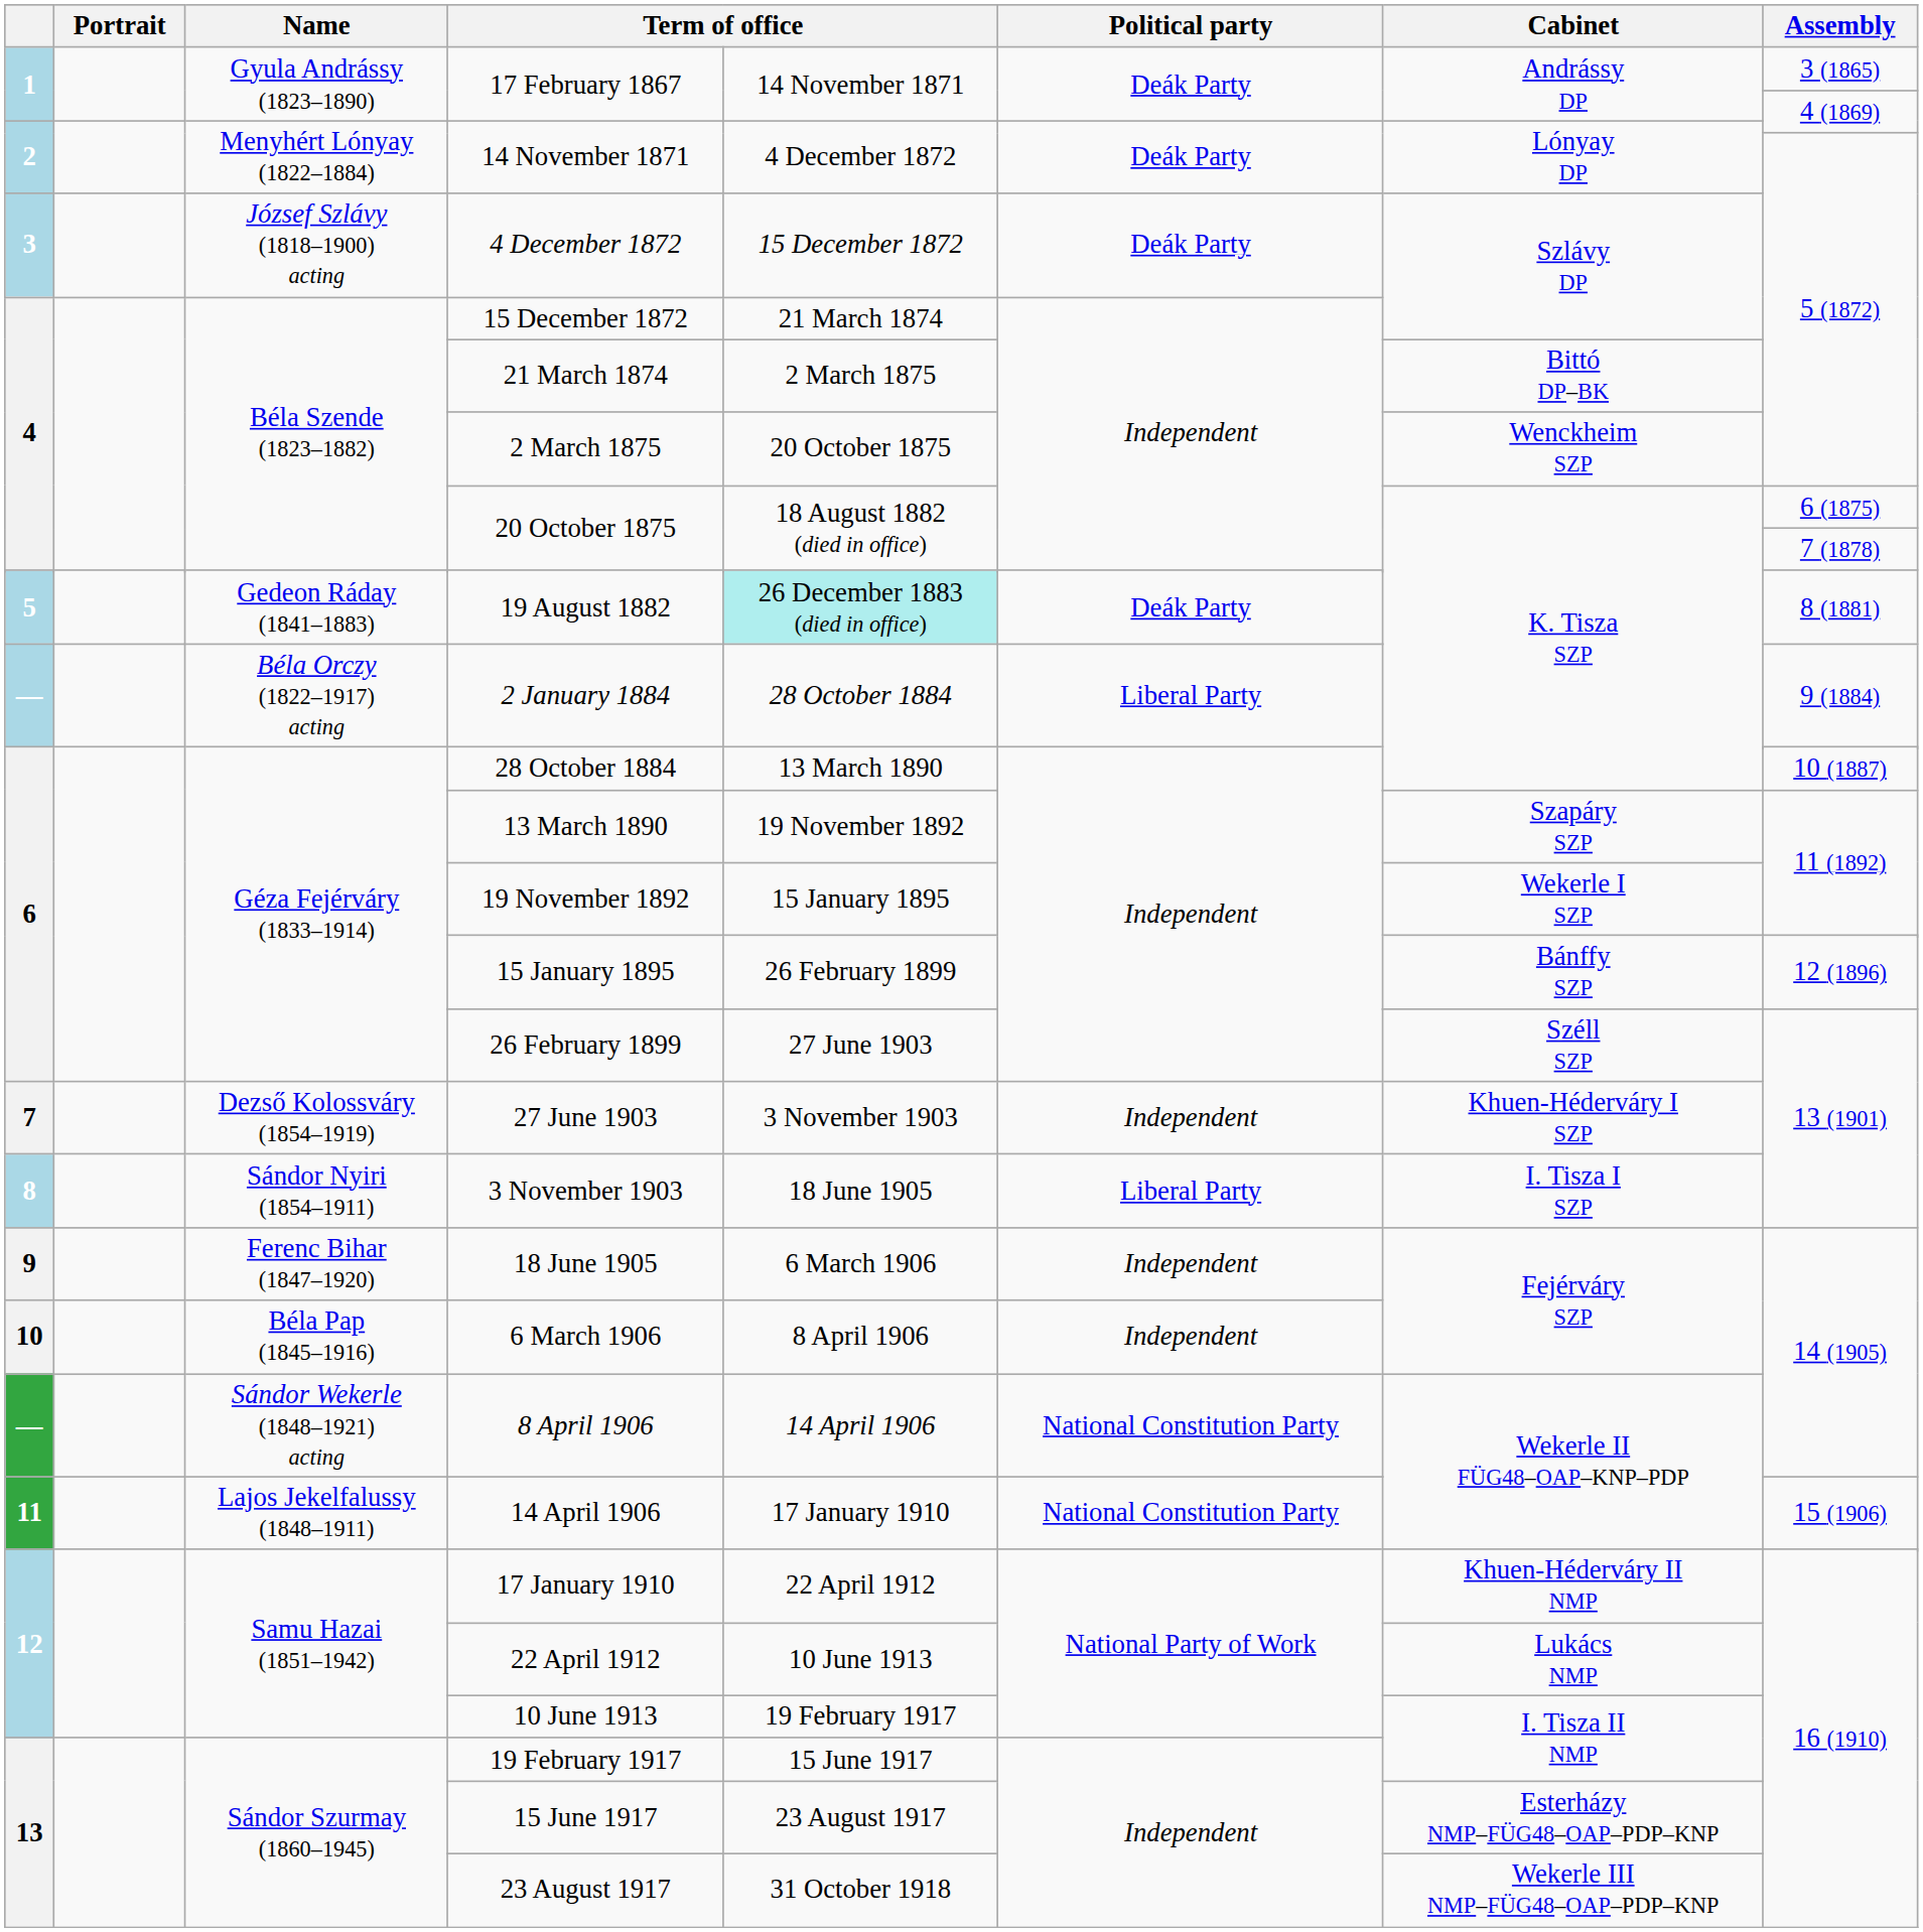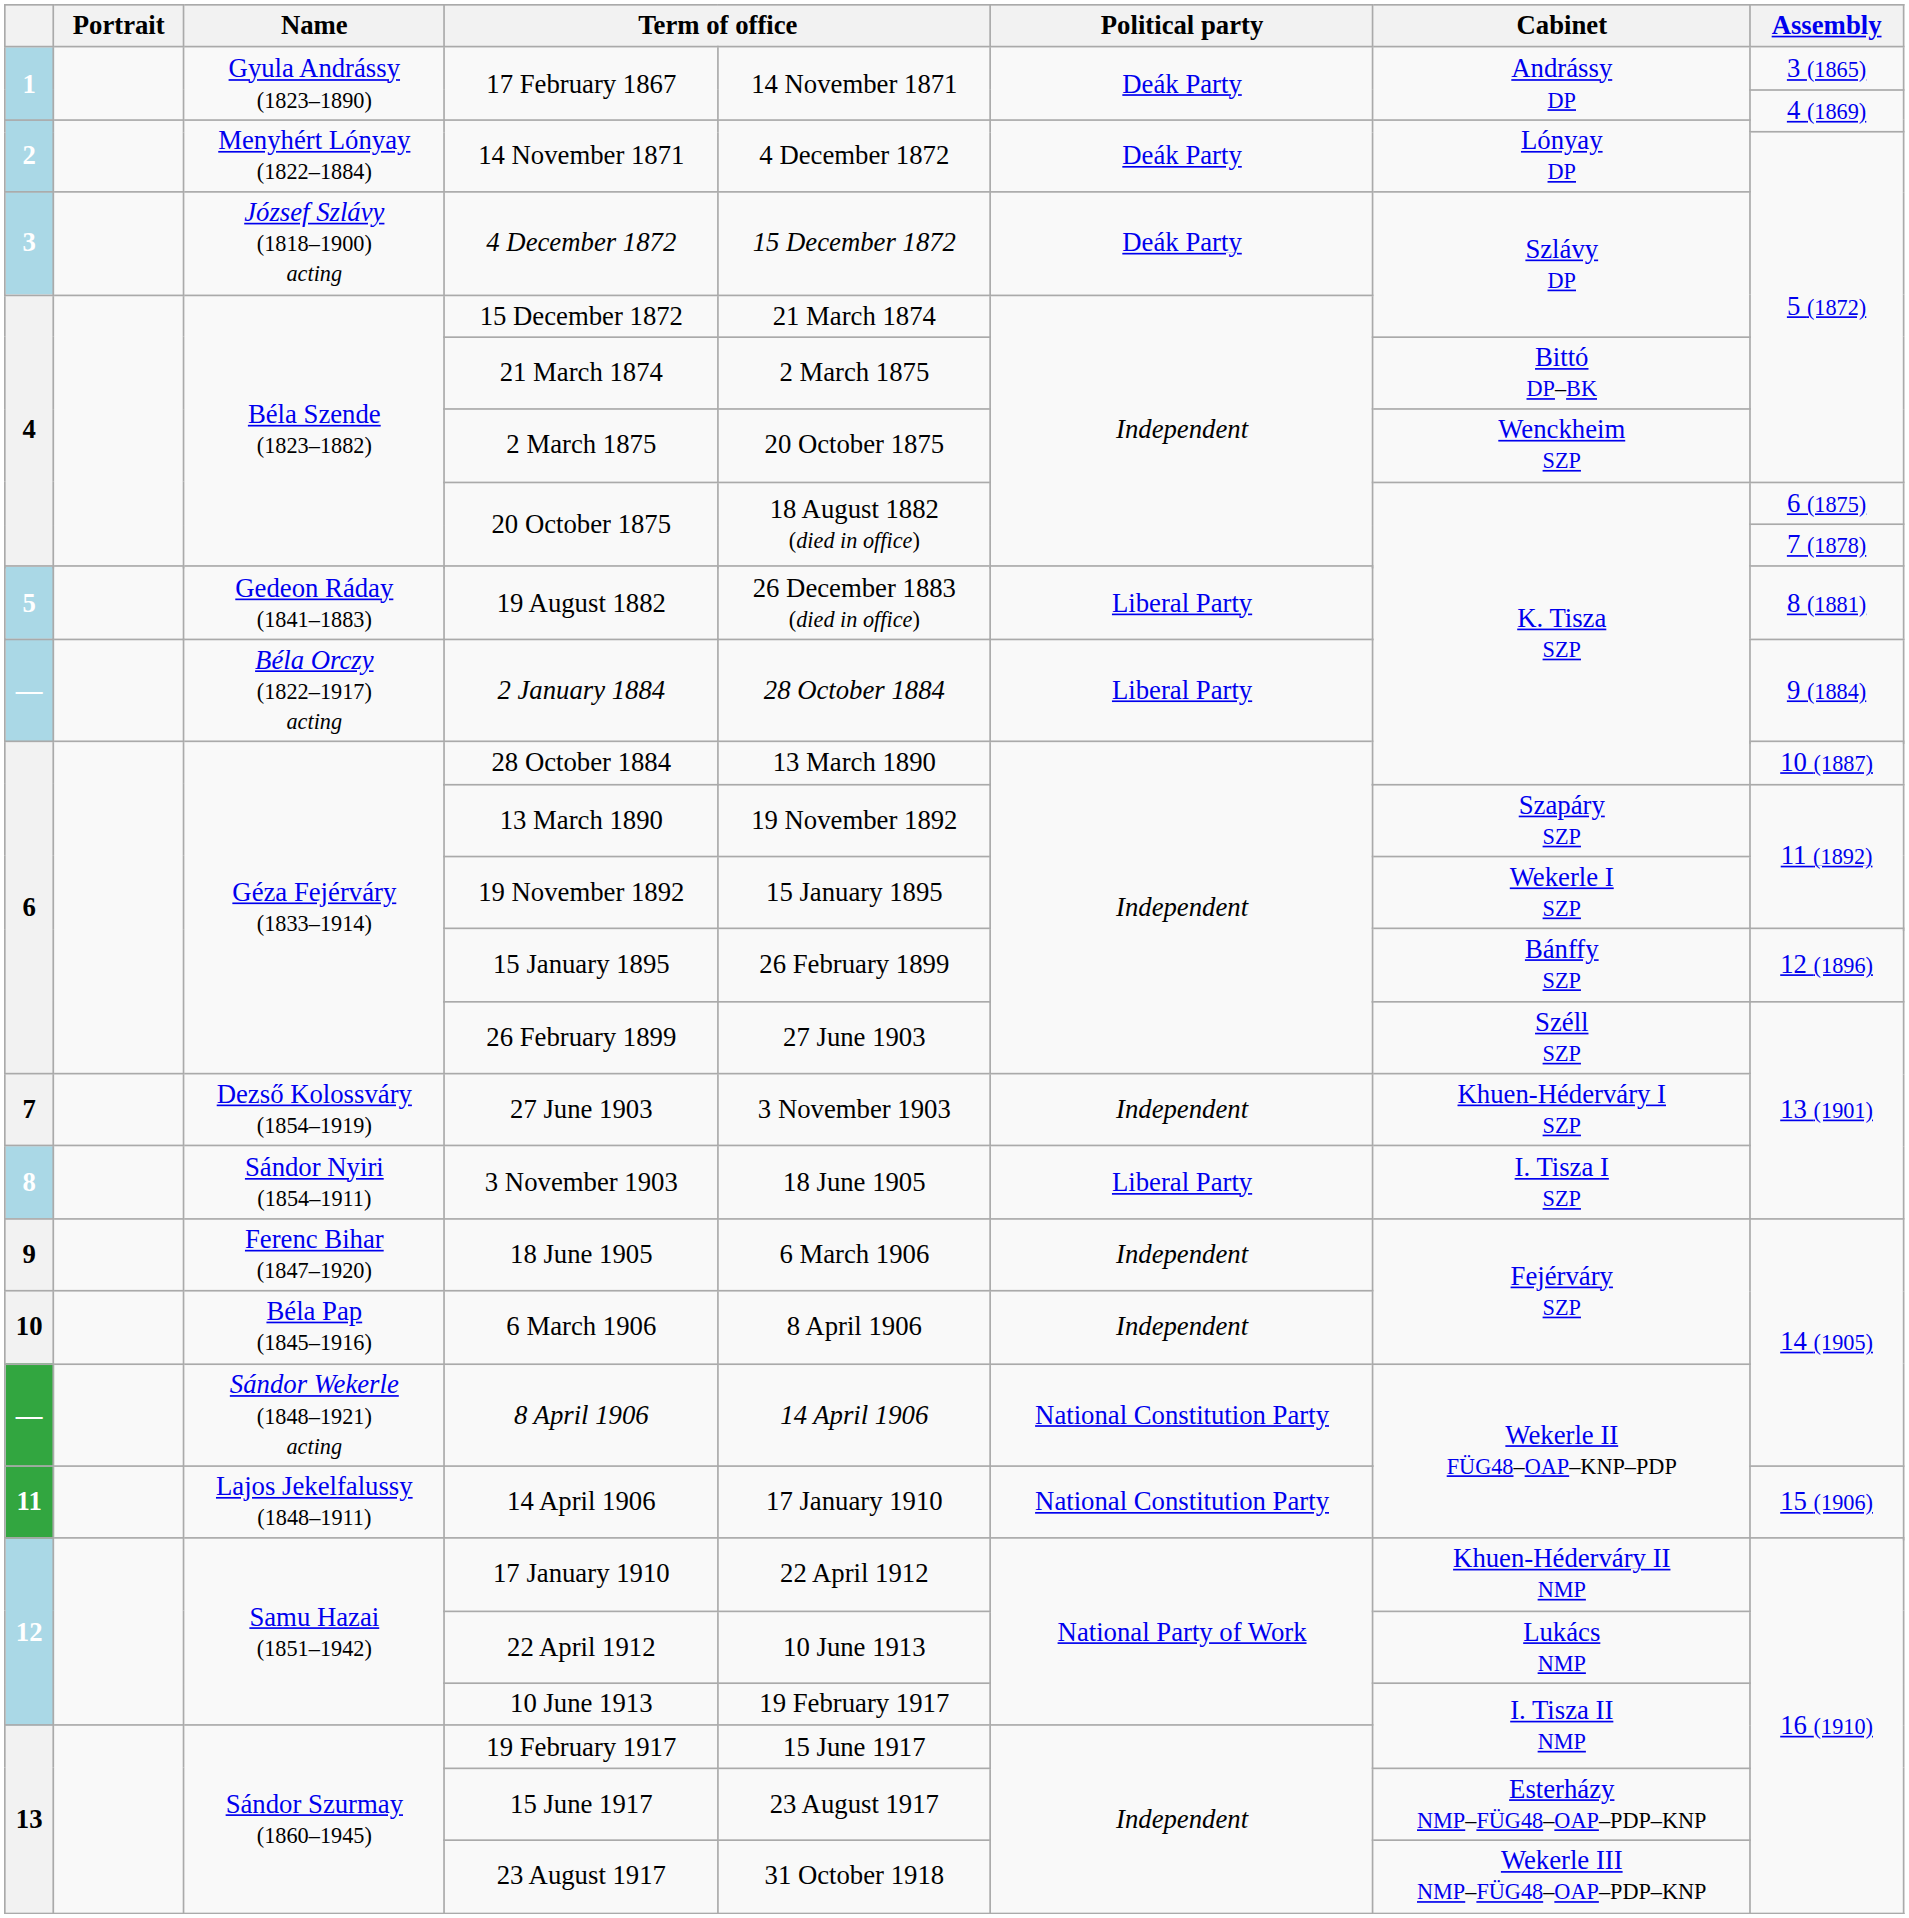 <table class="wikitable" style="width:90%; text-align:center;">
 <tr>
 <th></th>
 <th>Portrait</th>
 <th>Name<br></th>
 <th colspan=2>Term of office</th>
 <th>Political party</th>
 <th>Cabinet</th>
 <th><a href='#'>Assembly</a><br></th>
 </tr>
 <tr>
 <th rowspan="2" style="background-color:#AAD8E6; color:white">1</th>
 <td rowspan="2"></td>
 <td rowspan="2"><a href='#'>Gyula Andrássy</a><br><small>(1823–1890)</small></td>
 <td rowspan="2">17 February 1867</td>
 <td rowspan="2">14 November 1871</td>
 <td rowspan="2"><a href='#'>Deák Party</a></td>
 <td rowspan="2"><a href='#'>Andrássy</a><br><small><a href='#'>DP</a></small></td>
 <td><a href='#'>3 <small>(1865)</small></a></td>
 </tr>
 <tr>
 <td rowspan="2"><a href='#'>4 <small>(1869)</small></a></td>
 </tr>
 <tr>
 <th rowspan="2" style="background-color:#AAD8E6; color:white">2</th>
 <td rowspan="2"></td>
 <td rowspan="2"><a href='#'>Menyhért Lónyay</a><br><small>(1822–1884)</small></td>
 <td rowspan="2">14 November 1871</td>
 <td rowspan="2">4 December 1872</td>
 <td rowspan="2"><a href='#'>Deák Party</a></td>
 <td rowspan="2"><a href='#'>Lónyay</a><br><small><a href='#'>DP</a></small></td>
 </tr>
 <tr>
 <td rowspan="5"><a href='#'>5 <small>(1872)</small></a></td>
 </tr>
 <tr>
 <th style="background-color:#AAD8E6; color:white">3</th>
 <td></td>
 <td><em><a href='#'>József Szlávy</a></em><br><small>(1818–1900)<br><em>acting</em></small></td>
 <td><em>4 December 1872</em></td>
 <td><em>15 December 1872</em></td>
 <td><a href='#'>Deák Party</a></td>
 <td rowspan="2"><a href='#'>Szlávy</a><br><small><a href='#'>DP</a></small></td>
 </tr>
 <tr>
 <th rowspan="6" style="background:">4</th>
 <td rowspan="6"></td>
 <td rowspan="6"><a href='#'>Béla Szende</a><br><small>(1823–1882)</small></td>
 <td>15 December 1872</td>
 <td>21 March 1874</td>
 <td rowspan="6"><em>Independent</em></td>
 </tr>
 <tr>
 <td>21 March 1874</td>
 <td>2 March 1875</td>
 <td><a href='#'>Bittó</a><br><small><a href='#'>DP</a>–<a href='#'>BK</a></small></td>
 </tr>
 <tr>
 <td>2 March 1875</td>
 <td>20 October 1875</td>
 <td><a href='#'>Wenckheim</a><br><small><a href='#'>SZP</a></small></td>
 </tr>
 <tr>
 <td rowspan="3">20 October 1875</td>
 <td rowspan="3">18 August 1882<br><small>(<em>died in office</em>)</small></td>
 <td rowspan="8"><a href='#'>K. Tisza</a><br><small><a href='#'>SZP</a></small></td>
 <td><a href='#'>6 <small>(1875)</small></a></td>
 </tr>
 <tr>
 <td><a href='#'>7 <small>(1878)</small></a></td>
 </tr>
 <tr>
 <td rowspan="3"><a href='#'>8 <small>(1881)</small></a></td>
 </tr>
 <tr>
 <th style="background-color:#AAD8E6; color:white">5</th>
 <td></td>
 <td><a href='#'>Gedeon Ráday</a><br><small>(1841–1883)</small></td>
 <td>19 August 1882</td>
-<td style="background: paleturquoise;">26 December 1883<br><small>(<em>died in office</em>)</small></td>
-<td><a href='#'>Deák Party</a></td>
+<td>26 December 1883<br><small>(<em>died in office</em>)</small></td>
+<td><a href='#'>Liberal Party</a></td>
 </tr>
 <tr>
 <th rowspan="2" style="background-color:#AAD8E6; color:white">—</th>
 <td rowspan="2"></td>
 <td rowspan="2"><em><a href='#'>Béla Orczy</a></em><br><small>(1822–1917)<br><em>acting</em></small></td>
 <td rowspan="2"><em>2 January 1884</em></td>
 <td rowspan="2"><em>28 October 1884</em></td>
 <td rowspan="2"><a href='#'>Liberal Party</a></td>
 </tr>
 <tr>
 <td rowspan="2"><a href='#'>9 <small>(1884)</small></a></td>
 </tr>
 <tr>
 <th rowspan="9" style="background:">6</th>
 <td rowspan="9"></td>
 <td rowspan="9"><a href='#'>Géza Fejérváry</a><br><small>(1833–1914)</small></td>
 <td rowspan="2">28 October 1884</td>
 <td rowspan="2">13 March 1890</td>
 <td rowspan="9"><em>Independent</em></td>
 </tr>
 <tr>
 <td rowspan="2"><a href='#'>10 <small>(1887)</small></a></td>
 </tr>
 <tr>
 <td rowspan="2">13 March 1890</td>
 <td rowspan="2">19 November 1892</td>
 <td rowspan="2"><a href='#'>Szapáry</a><br><small><a href='#'>SZP</a></small></td>
 </tr>
 <tr>
 <td rowspan="3"><a href='#'>11 <small>(1892)</small></a></td>
 </tr>
 <tr>
 <td>19 November 1892</td>
 <td>15 January 1895</td>
 <td><a href='#'>Wekerle I</a><br><small><a href='#'>SZP</a></small></td>
 </tr>
 <tr>
 <td rowspan="2">15 January 1895</td>
 <td rowspan="2">26 February 1899</td>
 <td rowspan="2"><a href='#'>Bánffy</a><br><small><a href='#'>SZP</a></small></td>
 </tr>
 <tr>
 <td rowspan="2"><a href='#'>12 <small>(1896)</small></a></td>
 </tr>
 <tr>
 <td rowspan="2">26 February 1899</td>
 <td rowspan="2">27 June 1903</td>
 <td rowspan="2"><a href='#'>Széll</a><br><small><a href='#'>SZP</a></small></td>
 </tr>
 <tr>
 <td rowspan="3"><a href='#'>13 <small>(1901)</small></a></td>
 </tr>
 <tr>
 <th style="background:">7</th>
 <td></td>
 <td><a href='#'>Dezső Kolossváry</a><br><small>(1854–1919)</small></td>
 <td>27 June 1903</td>
 <td>3 November 1903</td>
 <td><em>Independent</em></td>
 <td><a href='#'>Khuen-Héderváry I</a><br><small><a href='#'>SZP</a></small></td>
 </tr>
 <tr>
 <th style="background-color:#AAD8E6; color:white">8</th>
 <td></td>
 <td><a href='#'>Sándor Nyiri</a><br><small>(1854–1911)</small></td>
 <td>3 November 1903</td>
 <td>18 June 1905</td>
 <td><a href='#'>Liberal Party</a></td>
 <td><a href='#'>I. Tisza I</a><br><small><a href='#'>SZP</a></small></td>
 </tr>
 <tr>
 <th style="background:">9</th>
 <td></td>
 <td><a href='#'>Ferenc Bihar</a><br><small>(1847–1920)</small></td>
 <td>18 June 1905</td>
 <td>6 March 1906</td>
 <td><em>Independent</em></td>
 <td rowspan="2"><a href='#'>Fejérváry</a><br><small><a href='#'>SZP</a></small></td>
 <td rowspan="4"><a href='#'>14 <small>(1905)</small></a></td>
 </tr>
 <tr>
 <th style="background:">10</th>
 <td></td>
 <td><a href='#'>Béla Pap</a><br><small>(1845–1916)</small></td>
 <td>6 March 1906</td>
 <td>8 April 1906</td>
 <td><em>Independent</em></td>
 </tr>
 <tr>
 <th style="background-color:#32A640; color:white">—</th>
 <td></td>
 <td><em><a href='#'>Sándor Wekerle</a></em><br><small>(1848–1921)<br><em>acting</em></small></td>
 <td><em>8 April 1906</em></td>
 <td><em>14 April 1906</em></td>
 <td><a href='#'>National Constitution Party</a></td>
 <td rowspan="3"><a href='#'>Wekerle II</a><br><small><a href='#'>FÜG48</a>–<a href='#'>OAP</a>–KNP–PDP</small></td>
 </tr>
 <tr>
 <th rowspan="2" style="background-color:#32A640; color:white">11</th>
 <td rowspan="2"></td>
 <td rowspan="2"><a href='#'>Lajos Jekelfalussy</a><br><small>(1848–1911)</small></td>
 <td rowspan="2">14 April 1906</td>
 <td rowspan="2">17 January 1910</td>
 <td rowspan="2"><a href='#'>National Constitution Party</a></td>
 </tr>
 <tr>
 <td rowspan="2"><a href='#'>15 <small>(1906)</small></a></td>
 </tr>
 <tr>
 <th rowspan="4" style="background-color:#AAD8E6; color:white">12</th>
 <td rowspan="4"></td>
 <td rowspan="4"><a href='#'>Samu Hazai</a><br><small>(1851–1942)</small></td>
 <td rowspan="2">17 January 1910</td>
 <td rowspan="2">22 April 1912</td>
 <td rowspan="4"><a href='#'>National Party of Work</a></td>
 <td rowspan="2"><a href='#'>Khuen-Héderváry II</a><br><small><a href='#'>NMP</a></small></td>
 </tr>
 <tr>
 <td rowspan="6"><a href='#'>16 <small>(1910)</small></a></td>
 </tr>
 <tr>
 <td>22 April 1912</td>
 <td>10 June 1913</td>
 <td><a href='#'>Lukács</a><br><small><a href='#'>NMP</a></small></td>
 </tr>
 <tr>
 <td>10 June 1913</td>
 <td>19 February 1917</td>
 <td rowspan="2"><a href='#'>I. Tisza II</a><br><small><a href='#'>NMP</a></small></td>
 </tr>
 <tr>
 <th rowspan="3" style="background:">13</th>
 <td rowspan="3"></td>
 <td rowspan="3"><a href='#'>Sándor Szurmay</a><br><small>(1860–1945)</small></td>
 <td>19 February 1917</td>
 <td>15 June 1917</td>
 <td rowspan="3"><em>Independent</em></td>
 </tr>
 <tr>
 <td>15 June 1917</td>
 <td>23 August 1917</td>
 <td><a href='#'>Esterházy</a><br><small><a href='#'>NMP</a>–<a href='#'>FÜG48</a>–<a href='#'>OAP</a>–PDP–KNP</small></td>
 </tr>
 <tr>
 <td>23 August 1917</td>
 <td>31 October 1918</td>
 <td><a href='#'>Wekerle III</a><br><small><a href='#'>NMP</a>–<a href='#'>FÜG48</a>–<a href='#'>OAP</a>–PDP–KNP</small></td>
 </tr>
 <tr>
 </tr>
 </table>
